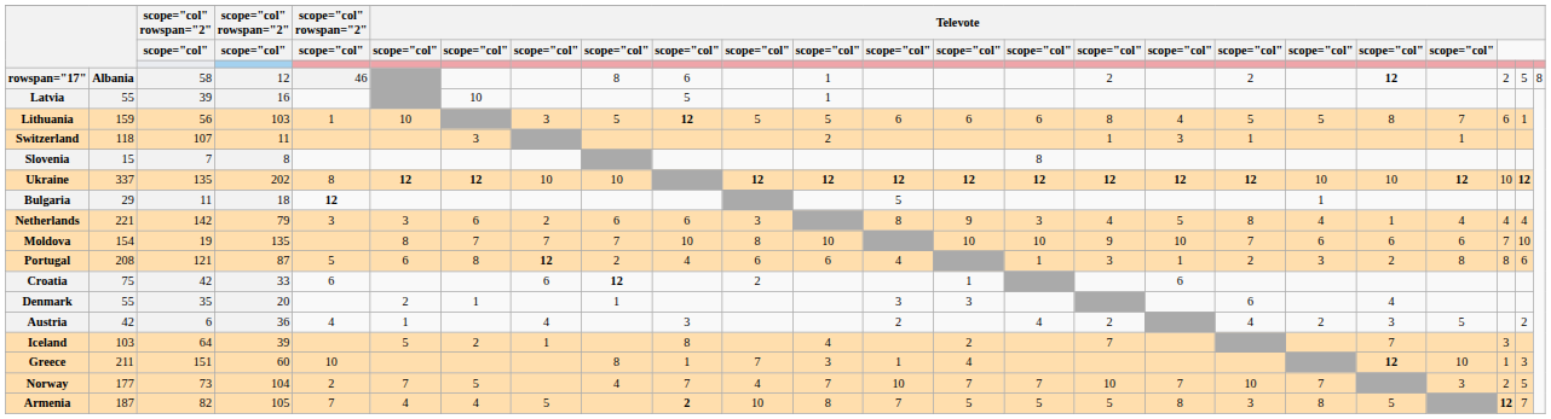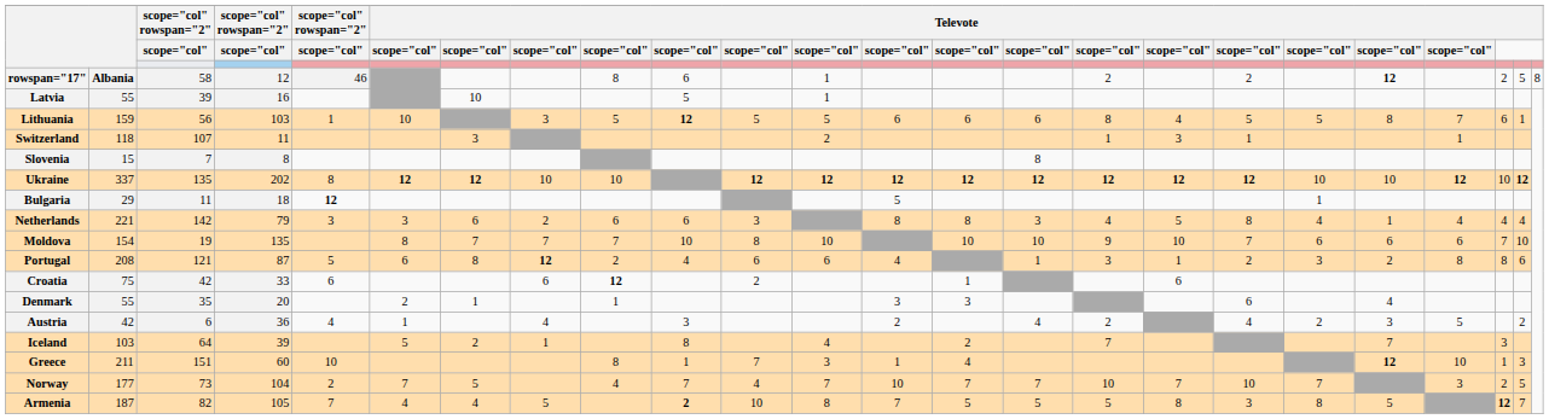 <table class="wikitable plainrowheaders" style="text-align: center; font-size: 85%;">
 <tr>
 </tr>
 <tr>
 <td colspan="2" rowspan="3" style="background: #F2F2F2;"></td>
 <th>scope="col" rowspan="2" </th>
 <th>scope="col" rowspan="2" </th>
 <th>scope="col" rowspan="2" </th>
 <th colspan="19" scope="col">Televote</th>
 </tr>
 <tr>
 <th>scope="col" </th>
 <th>scope="col" </th>
 <th>scope="col" </th>
 <th>scope="col" </th>
 <th>scope="col" </th>
 <th>scope="col" </th>
 <th>scope="col" </th>
 <th>scope="col" </th>
 <th>scope="col" </th>
 <th>scope="col" </th>
 <th>scope="col" </th>
 <th>scope="col" </th>
 <th>scope="col" </th>
 <th>scope="col" </th>
 <th>scope="col" </th>
 <th>scope="col" </th>
 <th>scope="col" </th>
 <th>scope="col" </th>
 <th>scope="col" </th>
 </tr>
 <tr>
 <td style="height:2px; background: #eaecf0; border-top:1px solid transparent;"></td>
 <td style="background: #A4D1EF;"></td>
 <td style="background: #EFA4A9;"></td>
 <td style="background: #EFA4A9;"></td>
 <td style="background: #EFA4A9;"></td>
 <td style="background: #EFA4A9;"></td>
 <td style="background: #EFA4A9;"></td>
 <td style="background: #EFA4A9;"></td>
 <td style="background: #EFA4A9;"></td>
 <td style="background: #EFA4A9;"></td>
 <td style="background: #EFA4A9;"></td>
 <td style="background: #EFA4A9;"></td>
 <td style="background: #EFA4A9;"></td>
 <td style="background: #EFA4A9;"></td>
 <td style="background: #EFA4A9;"></td>
 <td style="background: #EFA4A9;"></td>
 <td style="background: #EFA4A9;"></td>
 <td style="background: #EFA4A9;"></td>
 <td style="background: #EFA4A9;"></td>
 <td style="background: #EFA4A9;"></td>
 <td style="background: #EFA4A9;"></td>
 <td style="background: #EFA4A9;"></td>
 </tr>
 <tr>
 <th>rowspan="17" </th>
 <th scope="row" style="background: #f2f2f2;">Albania</th>
 <td style="text-align: right; background: #f2f2f2;">58</td>
 <td style="text-align: right; background: #f2f2f2;">12</td>
 <td style="text-align: right; background: #f2f2f2;">46</td>
 <td style="background: #aaa;"></td>
 <td></td>
 <td></td>
 <td>8</td>
 <td>6</td>
 <td></td>
 <td>1</td>
 <td></td>
 <td></td>
 <td></td>
 <td>2</td>
 <td></td>
 <td>2</td>
 <td></td>
 <td><strong>12</strong></td>
 <td></td>
 <td>2</td>
 <td>5</td>
 <td>8</td>
 </tr>
 <tr>
 <th scope="row" style="background: #f2f2f2;">Latvia</th>
 <td style="text-align: right; background: #f2f2f2;">55</td>
 <td style="text-align: right; background: #f2f2f2;">39</td>
 <td style="text-align: right; background: #f2f2f2;">16</td>
 <td></td>
 <td style="background: #aaa;"></td>
 <td>10</td>
 <td></td>
 <td></td>
 <td>5</td>
 <td></td>
 <td>1</td>
 <td></td>
 <td></td>
 <td></td>
 <td></td>
 <td></td>
 <td></td>
 <td></td>
 <td></td>
 <td></td>
 <td></td>
 <td></td>
 </tr>
 <tr style="background:#ffdead;">
 <th scope="row" style="font-weight: bold; background: #ffdead;">Lithuania</th>
 <td style="text-align: right;">159</td>
 <td style="text-align: right;">56</td>
 <td style="text-align: right;">103</td>
 <td>1</td>
 <td>10</td>
 <td style="background: #aaa;"></td>
 <td>3</td>
 <td>5</td>
 <td><strong>12</strong></td>
 <td>5</td>
 <td>5</td>
 <td>6</td>
 <td>6</td>
 <td>6</td>
 <td>8</td>
 <td>4</td>
 <td>5</td>
 <td>5</td>
 <td>8</td>
 <td>7</td>
 <td>6</td>
 <td>1</td>
 </tr>
 <tr style="background:#ffdead;">
 <th scope="row" style="font-weight: bold; background: #ffdead;">Switzerland</th>
 <td style="text-align: right;">118</td>
 <td style="text-align: right;">107</td>
 <td style="text-align: right;">11</td>
 <td></td>
 <td></td>
 <td>3</td>
 <td style="background: #aaa;"></td>
 <td></td>
 <td></td>
 <td></td>
 <td>2</td>
 <td></td>
 <td></td>
 <td></td>
 <td>1</td>
 <td>3</td>
 <td>1</td>
 <td></td>
 <td></td>
 <td>1</td>
 <td></td>
 <td></td>
 </tr>
 <tr>
 <th scope="row" style="background: #f2f2f2;">Slovenia</th>
 <td style="text-align: right; background: #f2f2f2;">15</td>
 <td style="text-align: right; background: #f2f2f2;">7</td>
 <td style="text-align: right; background: #f2f2f2;">8</td>
 <td></td>
 <td></td>
 <td></td>
 <td></td>
 <td style="background: #aaa;"></td>
 <td></td>
 <td></td>
 <td></td>
 <td></td>
 <td></td>
 <td>8</td>
 <td></td>
 <td></td>
 <td></td>
 <td></td>
 <td></td>
 <td></td>
 <td></td>
 <td></td>
 </tr>
 <tr style="background:#ffdead;">
 <th scope="row" style="font-weight: bold; background: #ffdead;">Ukraine</th>
 <td style="text-align: right;">337</td>
 <td style="text-align: right;">135</td>
 <td style="text-align: right;">202</td>
 <td>8</td>
 <td><strong>12</strong></td>
 <td><strong>12</strong></td>
 <td>10</td>
 <td>10</td>
 <td style="background: #aaa;"></td>
 <td><strong>12</strong></td>
 <td><strong>12</strong></td>
 <td><strong>12</strong></td>
 <td><strong>12</strong></td>
 <td><strong>12</strong></td>
 <td><strong>12</strong></td>
 <td><strong>12</strong></td>
 <td><strong>12</strong></td>
 <td>10</td>
 <td>10</td>
 <td><strong>12</strong></td>
 <td>10</td>
 <td><strong>12</strong></td>
 </tr>
 <tr>
 <th scope="row" style="background: #f2f2f2;">Bulgaria</th>
 <td style="text-align: right; background: #f2f2f2;">29</td>
 <td style="text-align: right; background: #f2f2f2;">11</td>
 <td style="text-align: right; background: #f2f2f2;">18</td>
 <td><strong>12</strong></td>
 <td></td>
 <td></td>
 <td></td>
 <td></td>
 <td></td>
 <td style="background: #aaa;"></td>
 <td></td>
 <td>5</td>
 <td></td>
 <td></td>
 <td></td>
 <td></td>
 <td></td>
 <td>1</td>
 <td></td>
 <td></td>
 <td></td>
 <td></td>
 </tr>
 <tr style="background:#ffdead;">
 <th scope="row" style="font-weight: bold; background: #ffdead;">Netherlands</th>
 <td style="text-align: right;">221</td>
 <td style="text-align: right;">142</td>
 <td style="text-align: right;">79</td>
 <td>3</td>
 <td>3</td>
 <td>6</td>
 <td>2</td>
 <td>6</td>
 <td>6</td>
 <td>3</td>
 <td style="background: #aaa;"></td>
 <td>8</td>
-<td>9</td>
+<td>8</td>
 <td>3</td>
 <td>4</td>
 <td>5</td>
 <td>8</td>
 <td>4</td>
 <td>1</td>
 <td>4</td>
 <td>4</td>
 <td>4</td>
 </tr>
 <tr style="background:#ffdead;">
 <th scope="row" style="font-weight: bold; background: #ffdead;">Moldova</th>
 <td style="text-align: right;">154</td>
 <td style="text-align: right;">19</td>
 <td style="text-align: right;">135</td>
 <td></td>
 <td>8</td>
 <td>7</td>
 <td>7</td>
 <td>7</td>
 <td>10</td>
 <td>8</td>
 <td>10</td>
 <td style="background: #aaa;"></td>
 <td>10</td>
 <td>10</td>
 <td>9</td>
 <td>10</td>
 <td>7</td>
 <td>6</td>
 <td>6</td>
 <td>6</td>
 <td>7</td>
 <td>10</td>
 </tr>
 <tr style="background:#ffdead;">
 <th scope="row" style="font-weight: bold; background: #ffdead;">Portugal</th>
 <td style="text-align: right;">208</td>
 <td style="text-align: right;">121</td>
 <td style="text-align: right;">87</td>
 <td>5</td>
 <td>6</td>
 <td>8</td>
 <td><strong>12</strong></td>
 <td>2</td>
 <td>4</td>
 <td>6</td>
 <td>6</td>
 <td>4</td>
 <td style="background: #aaa;"></td>
 <td>1</td>
 <td>3</td>
 <td>1</td>
 <td>2</td>
 <td>3</td>
 <td>2</td>
 <td>8</td>
 <td>8</td>
 <td>6</td>
 </tr>
 <tr>
 <th scope="row" style="background: #f2f2f2;">Croatia</th>
 <td style="text-align: right; background: #f2f2f2;">75</td>
 <td style="text-align: right; background: #f2f2f2;">42</td>
 <td style="text-align: right; background: #f2f2f2;">33</td>
 <td>6</td>
 <td></td>
 <td></td>
 <td>6</td>
 <td><strong>12</strong></td>
 <td></td>
 <td>2</td>
 <td></td>
 <td></td>
 <td>1</td>
 <td style="background: #aaa;"></td>
 <td></td>
 <td>6</td>
 <td></td>
 <td></td>
 <td></td>
 <td></td>
 <td></td>
 <td></td>
 </tr>
 <tr>
 <th scope="row" style="background: #f2f2f2;">Denmark</th>
 <td style="text-align: right; background: #f2f2f2;">55</td>
 <td style="text-align: right; background: #f2f2f2;">35</td>
 <td style="text-align: right; background: #f2f2f2;">20</td>
 <td></td>
 <td>2</td>
 <td>1</td>
 <td></td>
 <td>1</td>
 <td></td>
 <td></td>
 <td></td>
 <td>3</td>
 <td>3</td>
 <td></td>
 <td style="background: #aaa;"></td>
 <td></td>
 <td>6</td>
 <td></td>
 <td>4</td>
 <td></td>
 <td></td>
 <td></td>
 </tr>
 <tr>
 <th scope="row" style="background: #f2f2f2;">Austria</th>
 <td style="text-align: right; background: #f2f2f2;">42</td>
 <td style="text-align: right; background: #f2f2f2;">6</td>
 <td style="text-align: right; background: #f2f2f2;">36</td>
 <td>4</td>
 <td>1</td>
 <td></td>
 <td>4</td>
 <td></td>
 <td>3</td>
 <td></td>
 <td></td>
 <td>2</td>
 <td></td>
 <td>4</td>
 <td>2</td>
 <td style="background: #aaa;"></td>
 <td>4</td>
 <td>2</td>
 <td>3</td>
 <td>5</td>
 <td></td>
 <td>2</td>
 </tr>
 <tr style="background:#ffdead;">
 <th scope="row" style="font-weight: bold; background: #ffdead;">Iceland</th>
 <td style="text-align: right;">103</td>
 <td style="text-align: right;">64</td>
 <td style="text-align: right;">39</td>
 <td></td>
 <td>5</td>
 <td>2</td>
 <td>1</td>
 <td></td>
 <td>8</td>
 <td></td>
 <td>4</td>
 <td></td>
 <td>2</td>
 <td></td>
 <td>7</td>
 <td></td>
 <td style="background: #aaa;"></td>
 <td></td>
 <td>7</td>
 <td></td>
 <td>3</td>
 <td></td>
 </tr>
 <tr style="background:#ffdead;">
 <th scope="row" style="font-weight: bold; background: #ffdead;">Greece</th>
 <td style="text-align: right;">211</td>
 <td style="text-align: right;">151</td>
 <td style="text-align: right;">60</td>
 <td>10</td>
 <td></td>
 <td></td>
 <td></td>
 <td>8</td>
 <td>1</td>
 <td>7</td>
 <td>3</td>
 <td>1</td>
 <td>4</td>
 <td></td>
 <td></td>
 <td></td>
 <td></td>
 <td style="background: #aaa;"></td>
 <td><strong>12</strong></td>
 <td>10</td>
 <td>1</td>
 <td>3</td>
 </tr>
 <tr style="background:#ffdead;">
 <th scope="row" style="font-weight: bold; background: #ffdead;">Norway</th>
 <td style="text-align: right;">177</td>
 <td style="text-align: right;">73</td>
 <td style="text-align: right;">104</td>
 <td>2</td>
 <td>7</td>
 <td>5</td>
 <td></td>
 <td>4</td>
 <td>7</td>
 <td>4</td>
 <td>7</td>
 <td>10</td>
 <td>7</td>
 <td>7</td>
 <td>10</td>
 <td>7</td>
 <td>10</td>
 <td>7</td>
 <td style="background: #aaa;"></td>
 <td>3</td>
 <td>2</td>
 <td>5</td>
 </tr>
 <tr style="background:#ffdead;">
 <th scope="row" style="font-weight: bold; background: #ffdead;">Armenia</th>
 <td style="text-align: right;">187</td>
 <td style="text-align: right;">82</td>
 <td style="text-align: right;">105</td>
 <td>7</td>
 <td>4</td>
 <td>4</td>
 <td>5</td>
 <td></td>
 <td><strong>2</strong></td>
 <td>10</td>
 <td>8</td>
 <td>7</td>
 <td>5</td>
 <td>5</td>
 <td>5</td>
 <td>8</td>
 <td>3</td>
 <td>8</td>
 <td>5</td>
 <td style="background: #aaa;"></td>
 <td><strong>12</strong></td>
 <td>7</td>
 </tr>
 </table>
